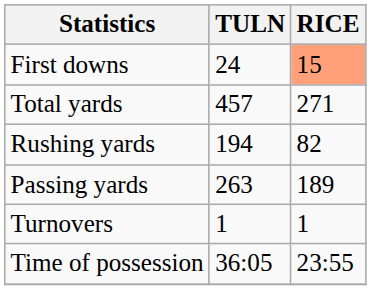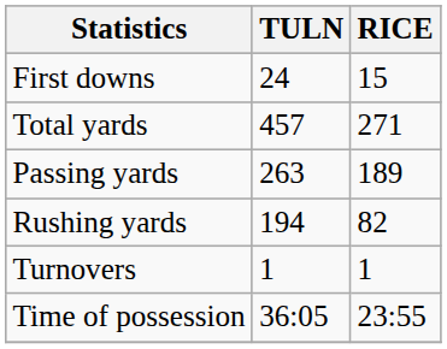 <table class="wikitable" style="float: left;">
 <tr>
 <th>Statistics</th>
 <th>TULN</th>
 <th>RICE</th>
 </tr>
 <tr>
 <td>First downs</td>
 <td>24</td>
-<td style="background: lightsalmon;">15</td>
+<td>15</td>
 </tr>
 <tr>
 <td>Total yards</td>
 <td>457</td>
 <td>271</td>
 </tr>
 <tr>
+<td>Passing yards</td>
+<td>263</td>
+<td>189</td>
+</tr>
+<tr>
 <td>Rushing yards</td>
 <td>194</td>
 <td>82</td>
-</tr>
-<tr>
-<td>Passing yards</td>
-<td>263</td>
-<td>189</td>
 </tr>
 <tr>
 <td>Turnovers</td>
 <td>1</td>
 <td>1</td>
 </tr>
 <tr>
 <td>Time of possession</td>
 <td>36:05</td>
 <td>23:55</td>
 </tr>
 <tr>
 </tr>
 </table>
